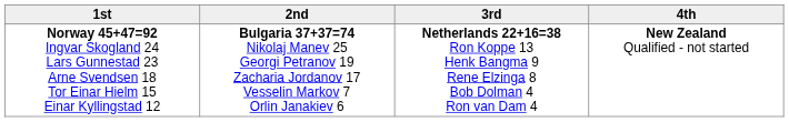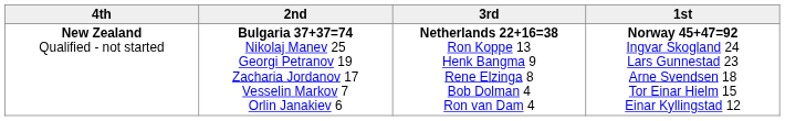 <table border=1 cellpadding=2 cellspacing=0 width=75% style="border-collapse:collapse">
 <tr align=center style="background:#efefef;">
-<th width=20% >1st</th>
+<th width=20%>4th</th>
 <th width=20% >2nd</th>
 <th width=20% >3rd</th>
-<th width=20%>4th</th>
+<th width=20% >1st</th>
 </tr>
 <tr align=center>
-<td valign=top ><strong>Norway 45+47=92</strong><br><a href='#'>Ingvar Skogland</a> 24<br><a href='#'>Lars Gunnestad</a> 23<br><a href='#'>Arne Svendsen</a> 18<br><a href='#'>Tor Einar Hielm</a> 15<br><a href='#'>Einar Kyllingstad</a> 12</td>
+<td valign=top><strong>New Zealand</strong><br>Qualified - not started</td>
 <td valign=top ><strong>Bulgaria 37+37=74</strong><br><a href='#'>Nikolaj Manev</a> 25<br><a href='#'>Georgi Petranov</a> 19<br><a href='#'>Zacharia Jordanov</a> 17<br><a href='#'>Vesselin Markov</a> 7<br><a href='#'>Orlin Janakiev</a> 6</td>
 <td valign=top ><strong>Netherlands 22+16=38</strong><br><a href='#'>Ron Koppe</a> 13<br><a href='#'>Henk Bangma</a> 9<br><a href='#'>Rene Elzinga</a> 8<br><a href='#'>Bob Dolman</a> 4<br><a href='#'>Ron van Dam</a> 4</td>
-<td valign=top><strong>New Zealand</strong><br>Qualified - not started</td>
+<td valign=top ><strong>Norway 45+47=92</strong><br><a href='#'>Ingvar Skogland</a> 24<br><a href='#'>Lars Gunnestad</a> 23<br><a href='#'>Arne Svendsen</a> 18<br><a href='#'>Tor Einar Hielm</a> 15<br><a href='#'>Einar Kyllingstad</a> 12</td>
 </tr>
 </table>
